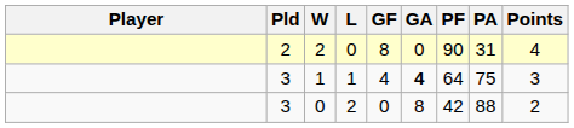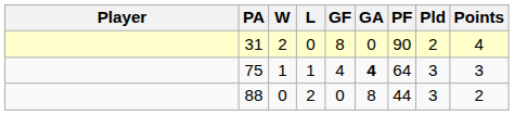 <table class=wikitable style="text-align:center;">
 <tr>
 <th width=220>Player</th>
-<th width=20>Pld</th>
+<th width=20>PA</th>
 <th width=20>W</th>
 <th width=20>L</th>
 <th width=20>GF</th>
 <th width=20>GA</th>
 <th width=20>PF</th>
-<th width=20>PA</th>
+<th width=20>Pld</th>
 <th width=50>Points</th>
 </tr>
 <tr bgcolor=#ffffcc>
 <td style="text-align:left;"></td>
-<td>2</td>
+<td>31</td>
 <td>2</td>
 <td>0</td>
 <td>8</td>
 <td>0</td>
 <td>90</td>
-<td>31</td>
+<td>2</td>
 <td>4</td>
 </tr>
 <tr>
 <td style="text-align:left;"></td>
-<td>3</td>
+<td>75</td>
 <td>1</td>
 <td>1</td>
 <td>4</td>
 <td><strong>4</strong></td>
 <td>64</td>
-<td>75</td>
+<td>3</td>
 <td>3</td>
 </tr>
 <tr>
 <td style="text-align:left;"></td>
-<td>3</td>
+<td>88</td>
 <td>0</td>
 <td>2</td>
 <td>0</td>
 <td>8</td>
-<td>42</td>
-<td>88</td>
+<td>44</td>
+<td>3</td>
 <td>2</td>
 </tr>
 </table>
